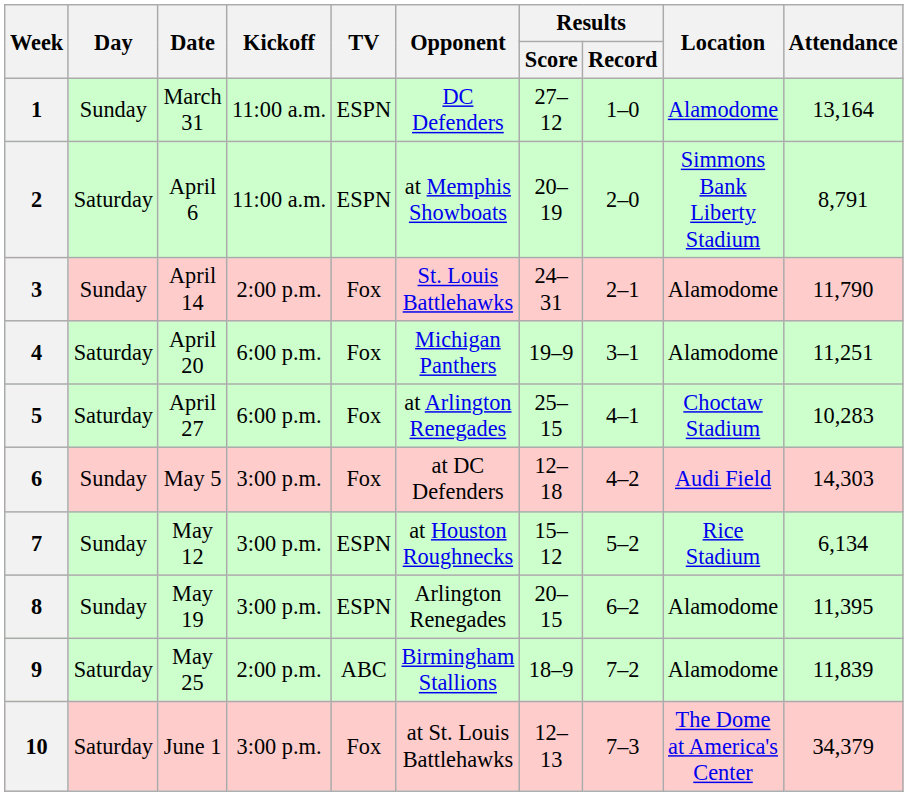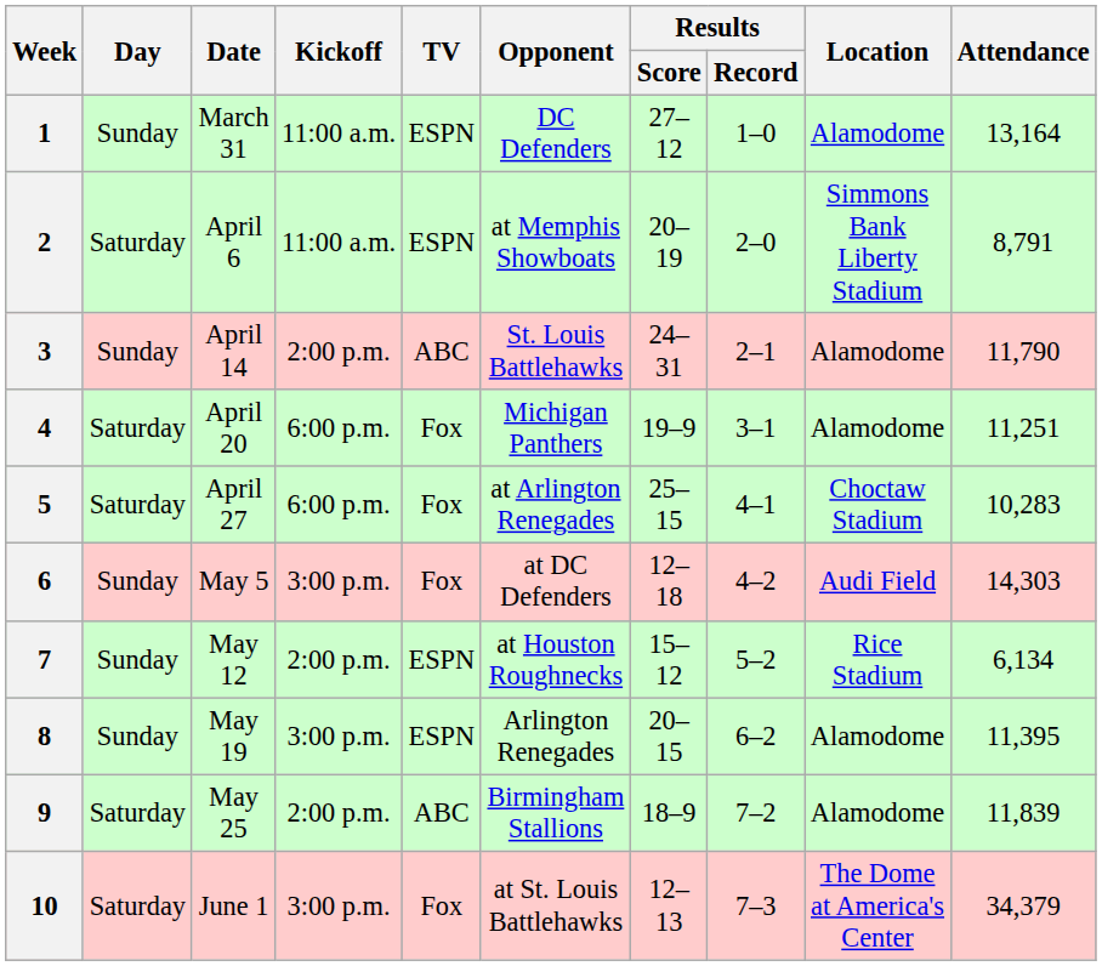 <table class="wikitable" style="text-align:center; font-size: 95%;">
 <tr>
 <th rowspan="2" width="40">Week</th>
 <th rowspan="2" width="80">Day</th>
 <th rowspan="2" width="90">Date</th>
 <th rowspan="2" width="90">Kickoff</th>
 <th rowspan="2" width="60">TV</th>
 <th rowspan="2" width="200">Opponent</th>
 <th colspan="2" width="200">Results</th>
 <th rowspan="2" width="200">Location</th>
 <th rowspan="2">Attendance</th>
 </tr>
 <tr>
 <th width="60">Score</th>
 <th width="60">Record</th>
 </tr>
 <tr style="background:#ccffcc">
 <th>1</th>
 <td>Sunday</td>
 <td>March 31</td>
 <td>11:00 a.m.</td>
 <td>ESPN</td>
 <td><a href='#'>DC Defenders</a></td>
 <td>27–12</td>
 <td>1–0</td>
 <td><a href='#'>Alamodome</a></td>
 <td>13,164</td>
 </tr>
 <tr style="background:#ccffcc">
 <th>2</th>
 <td>Saturday</td>
 <td>April 6</td>
 <td>11:00 a.m.</td>
 <td>ESPN</td>
 <td>at <a href='#'>Memphis Showboats</a></td>
 <td>20–19</td>
 <td>2–0</td>
 <td><a href='#'>Simmons Bank Liberty Stadium</a></td>
 <td>8,791</td>
 </tr>
 <tr style="background:#ffcccc">
 <th>3</th>
 <td>Sunday</td>
 <td>April 14</td>
 <td>2:00 p.m.</td>
-<td>Fox</td>
+<td>ABC</td>
 <td><a href='#'>St. Louis Battlehawks</a></td>
 <td>24–31</td>
 <td>2–1</td>
 <td>Alamodome</td>
 <td>11,790</td>
 </tr>
 <tr style="background:#ccffcc">
 <th>4</th>
 <td>Saturday</td>
 <td>April 20</td>
 <td>6:00 p.m.</td>
 <td>Fox</td>
 <td><a href='#'>Michigan Panthers</a></td>
 <td>19–9</td>
 <td>3–1</td>
 <td>Alamodome</td>
 <td>11,251</td>
 </tr>
 <tr style="background:#ccffcc">
 <th>5</th>
 <td>Saturday</td>
 <td>April 27</td>
 <td>6:00 p.m.</td>
 <td>Fox</td>
 <td>at <a href='#'>Arlington Renegades</a></td>
 <td>25–15</td>
 <td>4–1</td>
 <td><a href='#'>Choctaw Stadium</a></td>
 <td>10,283</td>
 </tr>
 <tr style="background:#ffcccc">
 <th>6</th>
 <td>Sunday</td>
 <td>May 5</td>
 <td>3:00 p.m.</td>
 <td>Fox</td>
 <td>at DC Defenders</td>
 <td>12–18</td>
 <td>4–2</td>
 <td><a href='#'>Audi Field</a></td>
 <td>14,303</td>
 </tr>
 <tr style="background:#ccffcc">
 <th>7</th>
 <td>Sunday</td>
 <td>May 12</td>
-<td>3:00 p.m.</td>
+<td>2:00 p.m.</td>
 <td>ESPN</td>
 <td>at <a href='#'>Houston Roughnecks</a></td>
 <td>15–12</td>
 <td>5–2</td>
 <td><a href='#'>Rice Stadium</a></td>
 <td>6,134</td>
 </tr>
 <tr style="background:#ccffcc">
 <th>8</th>
 <td>Sunday</td>
 <td>May 19</td>
 <td>3:00 p.m.</td>
 <td>ESPN</td>
 <td>Arlington Renegades</td>
 <td>20–15</td>
 <td>6–2</td>
 <td>Alamodome</td>
 <td>11,395</td>
 </tr>
 <tr style="background:#ccffcc">
 <th>9</th>
 <td>Saturday</td>
 <td>May 25</td>
 <td>2:00 p.m.</td>
 <td>ABC</td>
 <td><a href='#'>Birmingham Stallions</a></td>
 <td>18–9</td>
 <td>7–2</td>
 <td>Alamodome</td>
 <td>11,839</td>
 </tr>
 <tr style="background:#ffcccc">
 <th>10</th>
 <td>Saturday</td>
 <td>June 1</td>
 <td>3:00 p.m.</td>
 <td>Fox</td>
 <td>at St. Louis Battlehawks</td>
 <td>12–13</td>
 <td>7–3</td>
 <td><a href='#'>The Dome at America's Center</a></td>
 <td>34,379</td>
 </tr>
 </table>
